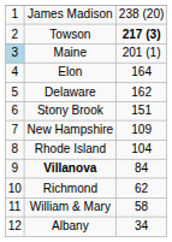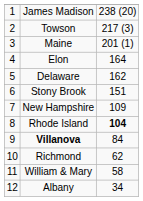 <table class="wikitable">
 <tr align="center">
 </tr>
 <tr align="center">
 <td>1</td>
 <td>James Madison</td>
 <td>238 (20)</td>
 </tr>
 <tr align="center">
 <td>2</td>
 <td>Towson</td>
-<td><strong>217 (3)</strong></td>
+<td>217 (3)</td>
 </tr>
 <tr align="center">
-<td style="background: lightblue;">3</td>
+<td>3</td>
 <td>Maine</td>
 <td>201 (1)</td>
 </tr>
 <tr align="center">
 <td>4</td>
 <td>Elon</td>
 <td>164</td>
 </tr>
 <tr align="center">
 <td>5</td>
 <td>Delaware</td>
 <td>162</td>
 </tr>
 <tr align="center">
 <td>6</td>
 <td>Stony Brook</td>
 <td>151</td>
 </tr>
 <tr align="center">
 <td>7</td>
 <td>New Hampshire</td>
 <td>109</td>
 </tr>
 <tr align="center">
 <td>8</td>
 <td>Rhode Island</td>
-<td>104</td>
+<td><strong>104</strong></td>
 </tr>
 <tr align="center">
 <td>9</td>
 <td><strong>Villanova</strong></td>
 <td>84</td>
 </tr>
 <tr align="center">
 <td>10</td>
 <td>Richmond</td>
 <td>62</td>
 </tr>
 <tr align="center">
 <td>11</td>
 <td>William & Mary</td>
 <td>58</td>
 </tr>
 <tr align="center">
 <td>12</td>
 <td>Albany</td>
 <td>34</td>
 </tr>
 </table>
